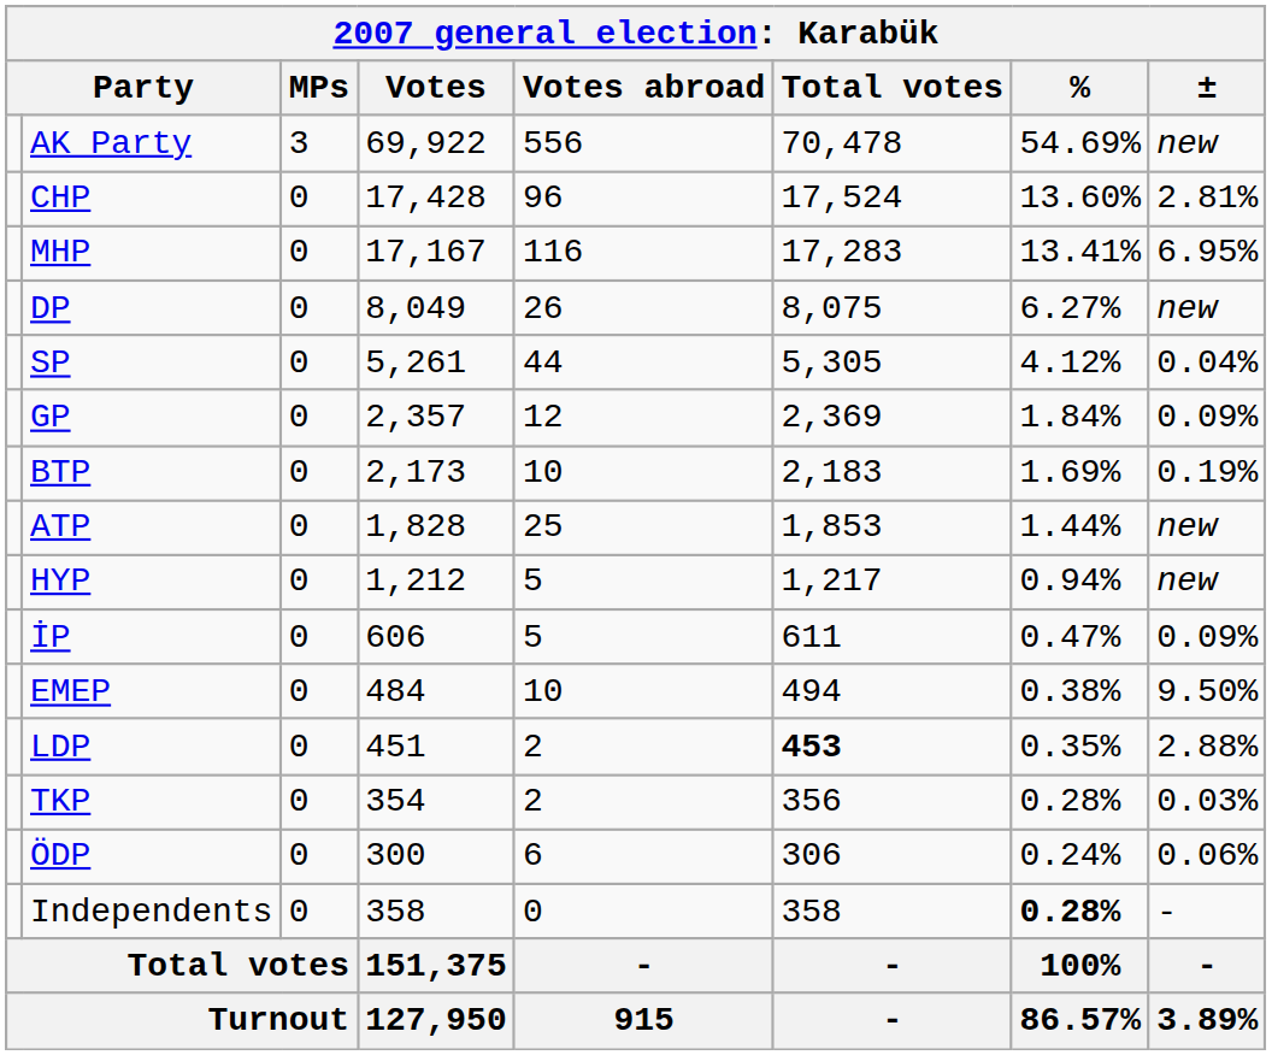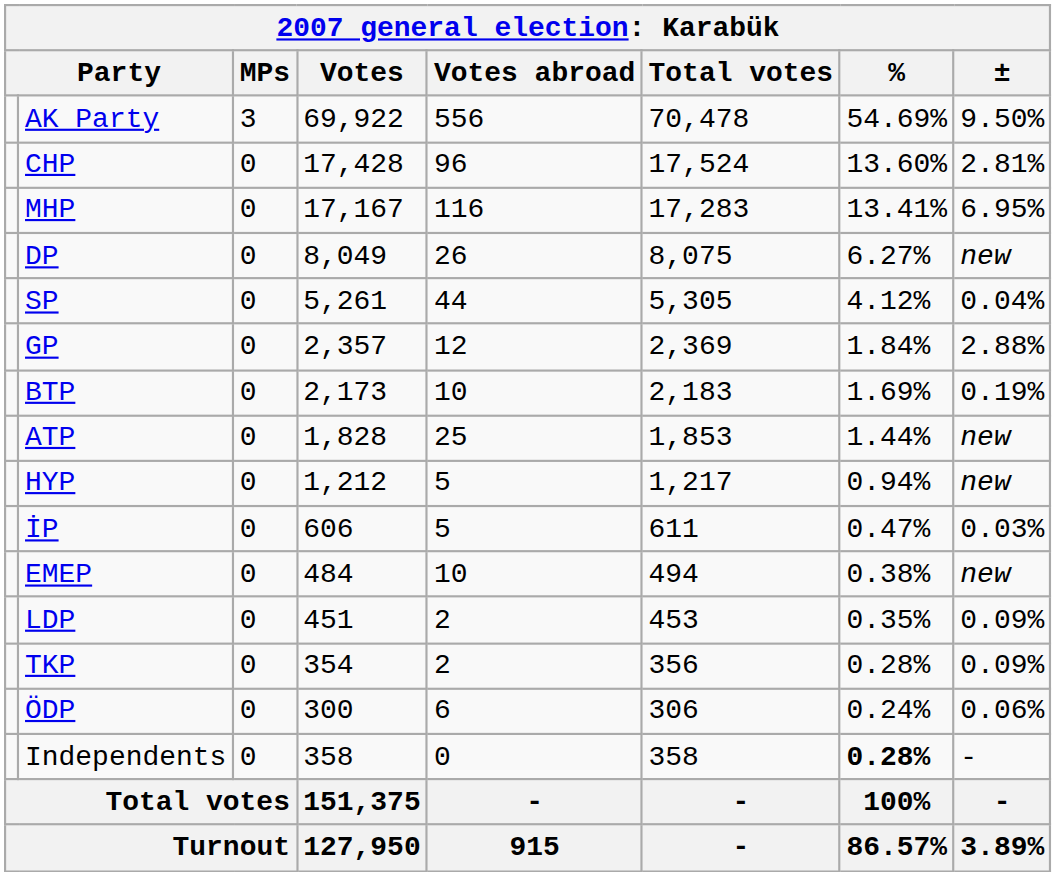 <table class="wikitable sortable">
 <tr>
 <th colspan="8"><a href='#'>2007 general election</a>: Karabük</th>
 </tr>
 <tr>
 <th colspan="2">Party</th>
 <th>MPs</th>
 <th>Votes</th>
 <th>Votes abroad</th>
 <th>Total votes</th>
 <th>%</th>
 <th>±</th>
 </tr>
 <tr>
 <td style="background:"></td>
 <td><a href='#'>AK Party</a></td>
 <td>3</td>
 <td>69,922</td>
 <td>556</td>
 <td>70,478</td>
 <td>54.69%</td>
-<td><em>new</em></td>
+<td>9.50%</td>
 </tr>
 <tr>
 <td style="background:"></td>
 <td><a href='#'>CHP</a></td>
 <td>0</td>
 <td>17,428</td>
 <td>96</td>
 <td>17,524</td>
 <td>13.60%</td>
 <td>2.81%</td>
 </tr>
 <tr>
 <td style="background:"></td>
 <td><a href='#'>MHP</a></td>
 <td>0</td>
 <td>17,167</td>
 <td>116</td>
 <td>17,283</td>
 <td>13.41%</td>
 <td>6.95%</td>
 </tr>
 <tr>
 <td style="background:"></td>
 <td><a href='#'>DP</a></td>
 <td>0</td>
 <td>8,049</td>
 <td>26</td>
 <td>8,075</td>
 <td>6.27%</td>
 <td><em>new</em></td>
 </tr>
 <tr>
 <td style="background:"></td>
 <td><a href='#'>SP</a></td>
 <td>0</td>
 <td>5,261</td>
 <td>44</td>
 <td>5,305</td>
 <td>4.12%</td>
 <td>0.04%</td>
 </tr>
 <tr>
 <td style="background:"></td>
 <td><a href='#'>GP</a></td>
 <td>0</td>
 <td>2,357</td>
 <td>12</td>
 <td>2,369</td>
 <td>1.84%</td>
-<td>0.09%</td>
+<td>2.88%</td>
 </tr>
 <tr>
 <td style="background:"></td>
 <td><a href='#'>BTP</a></td>
 <td>0</td>
 <td>2,173</td>
 <td>10</td>
 <td>2,183</td>
 <td>1.69%</td>
 <td>0.19%</td>
 </tr>
 <tr>
 <td style="background:"></td>
 <td><a href='#'>ATP</a></td>
 <td>0</td>
 <td>1,828</td>
 <td>25</td>
 <td>1,853</td>
 <td>1.44%</td>
 <td><em>new</em></td>
 </tr>
 <tr>
 <td style="background:"></td>
 <td><a href='#'>HYP</a></td>
 <td>0</td>
 <td>1,212</td>
 <td>5</td>
 <td>1,217</td>
 <td>0.94%</td>
 <td><em>new</em></td>
 </tr>
 <tr>
 <td style="background:"></td>
 <td><a href='#'>İP</a></td>
 <td>0</td>
 <td>606</td>
 <td>5</td>
 <td>611</td>
 <td>0.47%</td>
-<td>0.09%</td>
+<td>0.03%</td>
 </tr>
 <tr>
 <td style="background:"></td>
 <td><a href='#'>EMEP</a></td>
 <td>0</td>
 <td>484</td>
 <td>10</td>
 <td>494</td>
 <td>0.38%</td>
-<td>9.50%</td>
+<td><em>new</em></td>
 </tr>
 <tr>
 <td style="background:"></td>
 <td><a href='#'>LDP</a></td>
 <td>0</td>
 <td>451</td>
 <td>2</td>
-<td><strong>453</strong></td>
+<td>453</td>
 <td>0.35%</td>
-<td>2.88%</td>
+<td>0.09%</td>
 </tr>
 <tr>
 <td style="background:"></td>
 <td><a href='#'>TKP</a></td>
 <td>0</td>
 <td>354</td>
 <td>2</td>
 <td>356</td>
 <td>0.28%</td>
-<td>0.03%</td>
+<td>0.09%</td>
 </tr>
 <tr>
 <td style="background:"></td>
 <td><a href='#'>ÖDP</a></td>
 <td>0</td>
 <td>300</td>
 <td>6</td>
 <td>306</td>
 <td>0.24%</td>
 <td>0.06%</td>
 </tr>
 <tr>
 <td style="background:"></td>
 <td>Independents</td>
 <td>0</td>
 <td>358</td>
 <td>0</td>
 <td>358</td>
 <td><strong>0.28%</strong></td>
 <td>-</td>
 </tr>
 <tr>
 <th colspan="3" style="text-align:right">Total votes</th>
 <th>151,375</th>
 <th>-</th>
 <th>-</th>
 <th>100%</th>
 <th>-</th>
 </tr>
 <tr>
 <th colspan="3" style="text-align:right">Turnout</th>
 <th>127,950</th>
 <th>915</th>
 <th>-</th>
 <th>86.57%</th>
 <th>3.89%</th>
 </tr>
 </table>
